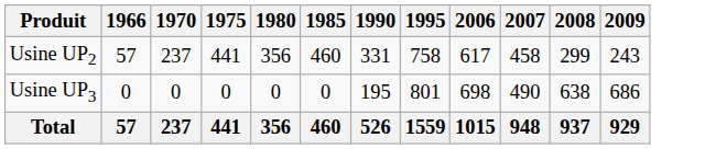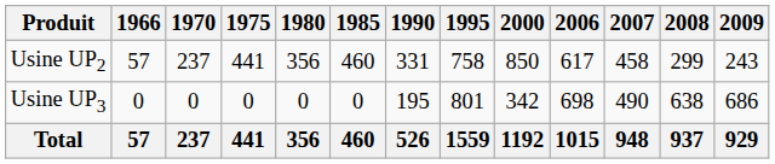 <table class="wikitable sortable" style="text-align:center">
 <tr>
 <th>Produit</th>
 <th>1966</th>
 <th>1970</th>
 <th>1975</th>
 <th>1980</th>
 <th>1985</th>
 <th>1990</th>
 <th>1995</th>
+<th>2000</th>
 <th>2006</th>
 <th>2007</th>
 <th>2008</th>
 <th>2009</th>
 </tr>
 <tr>
 <td>Usine UP<sub>2</sub></td>
 <td>57</td>
 <td>237</td>
 <td>441</td>
 <td>356</td>
 <td>460</td>
 <td>331</td>
 <td>758</td>
+<td>850</td>
 <td>617</td>
 <td>458</td>
 <td>299</td>
 <td>243</td>
 </tr>
 <tr>
 <td>Usine UP<sub>3</sub></td>
 <td>0</td>
 <td>0</td>
 <td>0</td>
 <td>0</td>
 <td>0</td>
 <td>195</td>
 <td>801</td>
+<td>342</td>
 <td>698</td>
 <td>490</td>
 <td>638</td>
 <td>686</td>
 </tr>
 <tr>
 <th>Total</th>
 <th>57</th>
 <th>237</th>
 <th>441</th>
 <th>356</th>
 <th>460</th>
 <th>526</th>
 <th>1559</th>
+<th>1192</th>
 <th>1015</th>
 <th>948</th>
 <th>937</th>
 <th>929</th>
 </tr>
 </table>
